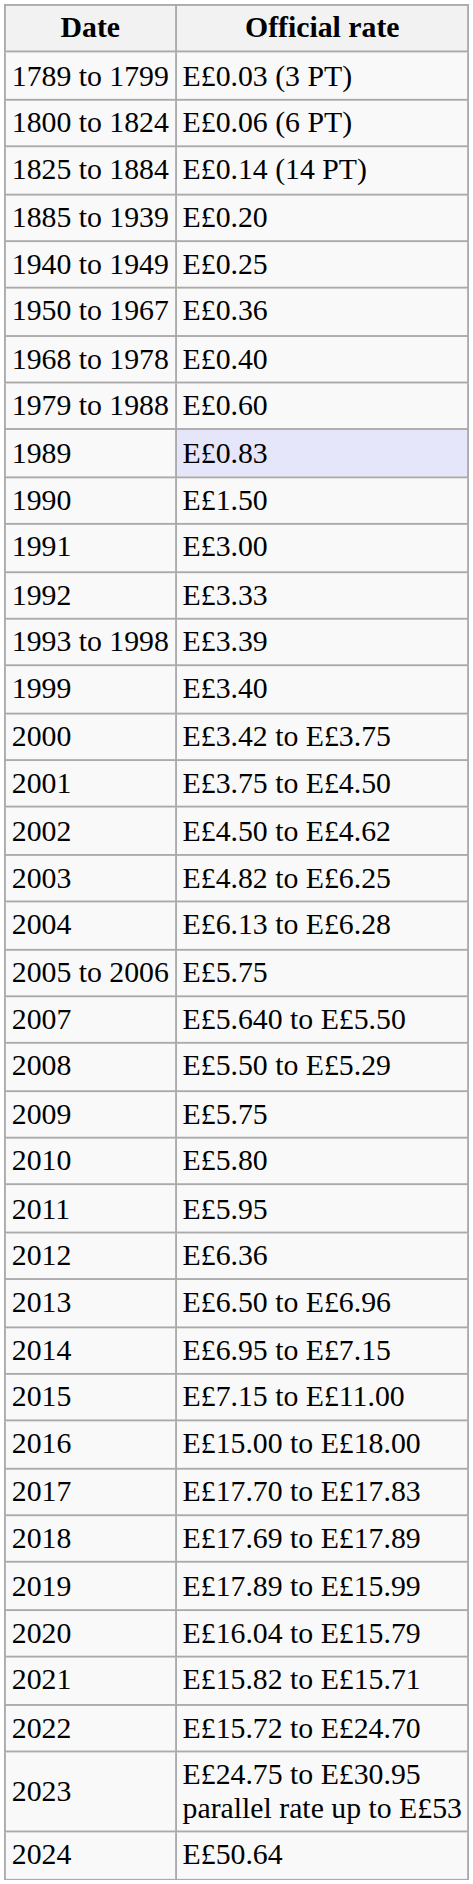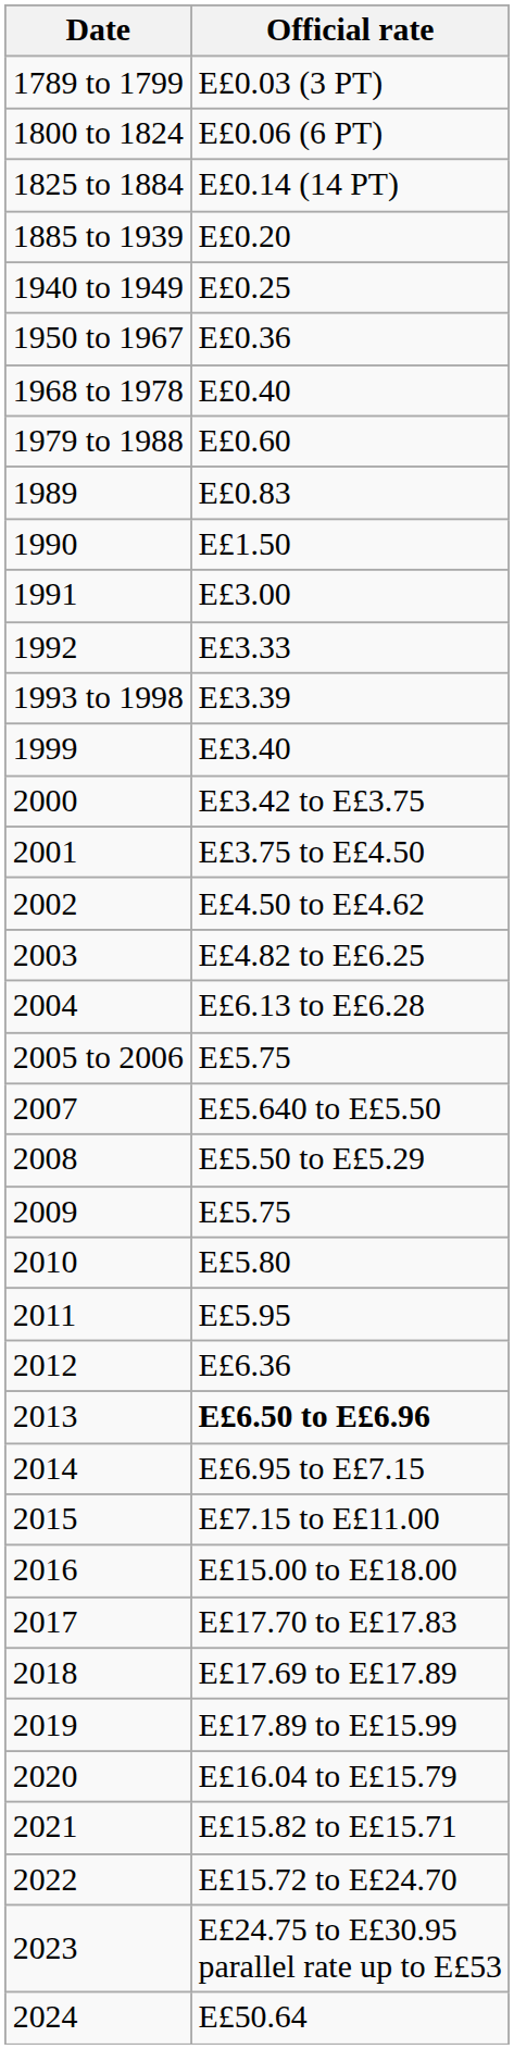 <table class="wikitable">
 <tr>
 <th>Date</th>
 <th>Official rate</th>
 </tr>
 <tr>
 <td>1789 to 1799</td>
 <td>E£0.03 (3 PT)</td>
 </tr>
 <tr>
 <td>1800 to 1824</td>
 <td>E£0.06 (6 PT)</td>
 </tr>
 <tr>
 <td>1825 to 1884</td>
 <td>E£0.14 (14 PT)</td>
 </tr>
 <tr>
 <td>1885 to 1939</td>
 <td>E£0.20</td>
 </tr>
 <tr>
 <td>1940 to 1949</td>
 <td>E£0.25</td>
 </tr>
 <tr>
 <td>1950 to 1967</td>
 <td>E£0.36</td>
 </tr>
 <tr>
 <td>1968 to 1978</td>
 <td>E£0.40</td>
 </tr>
 <tr>
 <td>1979 to 1988</td>
 <td>E£0.60</td>
 </tr>
 <tr>
 <td>1989</td>
-<td style="background: lavender;">E£0.83</td>
+<td>E£0.83</td>
 </tr>
 <tr>
 <td>1990</td>
 <td>E£1.50</td>
 </tr>
 <tr>
 <td>1991</td>
 <td>E£3.00</td>
 </tr>
 <tr>
 <td>1992</td>
 <td>E£3.33</td>
 </tr>
 <tr>
 <td>1993 to 1998</td>
 <td>E£3.39</td>
 </tr>
 <tr>
 <td>1999</td>
 <td>E£3.40</td>
 </tr>
 <tr>
 <td>2000</td>
 <td>E£3.42 to E£3.75</td>
 </tr>
 <tr>
 <td>2001</td>
 <td>E£3.75 to E£4.50</td>
 </tr>
 <tr>
 <td>2002</td>
 <td>E£4.50 to E£4.62</td>
 </tr>
 <tr>
 <td>2003</td>
 <td>E£4.82 to E£6.25</td>
 </tr>
 <tr>
 <td>2004</td>
 <td>E£6.13 to E£6.28</td>
 </tr>
 <tr>
 <td>2005 to 2006</td>
 <td>E£5.75</td>
 </tr>
 <tr>
 <td>2007</td>
 <td>E£5.640 to E£5.50</td>
 </tr>
 <tr>
 <td>2008</td>
 <td>E£5.50 to E£5.29</td>
 </tr>
 <tr>
 <td>2009</td>
 <td>E£5.75</td>
 </tr>
 <tr>
 <td>2010</td>
 <td>E£5.80</td>
 </tr>
 <tr>
 <td>2011</td>
 <td>E£5.95</td>
 </tr>
 <tr>
 <td>2012</td>
 <td>E£6.36</td>
 </tr>
 <tr>
 <td>2013</td>
-<td>E£6.50 to E£6.96</td>
+<td><strong>E£6.50 to E£6.96</strong></td>
 </tr>
 <tr>
 <td>2014</td>
 <td>E£6.95 to E£7.15</td>
 </tr>
 <tr>
 <td>2015</td>
 <td>E£7.15 to E£11.00</td>
 </tr>
 <tr>
 <td>2016</td>
 <td>E£15.00 to E£18.00</td>
 </tr>
 <tr>
 <td>2017</td>
 <td>E£17.70 to E£17.83</td>
 </tr>
 <tr>
 <td>2018</td>
 <td>E£17.69 to E£17.89</td>
 </tr>
 <tr>
 <td>2019</td>
 <td>E£17.89 to E£15.99</td>
 </tr>
 <tr>
 <td>2020</td>
 <td>E£16.04 to E£15.79</td>
 </tr>
 <tr>
 <td>2021</td>
 <td>E£15.82 to E£15.71</td>
 </tr>
 <tr>
 <td>2022</td>
 <td>E£15.72 to E£24.70</td>
 </tr>
 <tr>
 <td>2023</td>
 <td>E£24.75 to E£30.95<br>parallel rate up to E£53</td>
 </tr>
 <tr>
 <td>2024</td>
 <td>E£50.64</td>
 </tr>
 </table>
